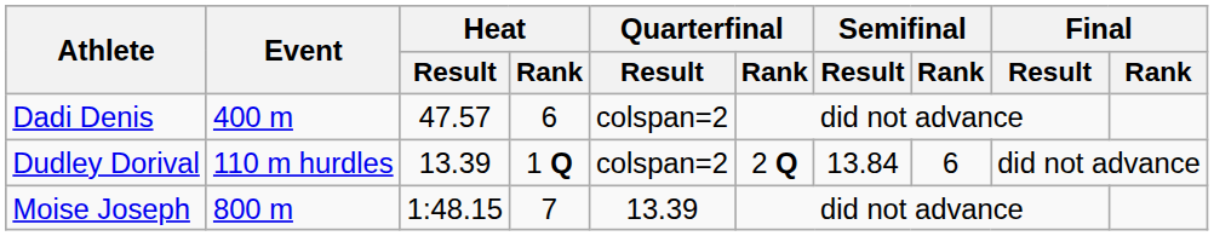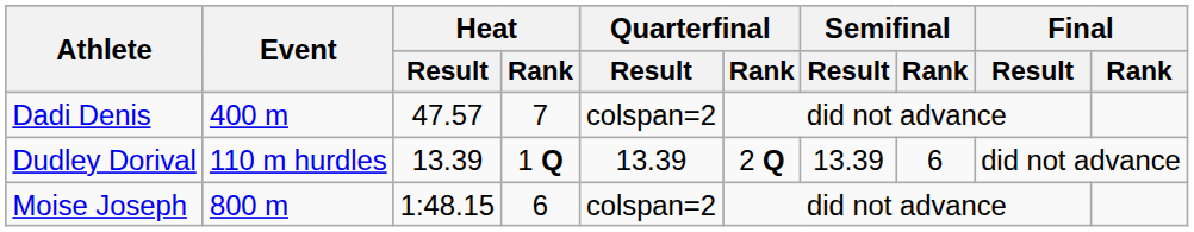 <table class="wikitable" style="font-size:90%">
 <tr>
 <th rowspan="2">Athlete</th>
 <th rowspan="2">Event</th>
 <th colspan="2">Heat</th>
 <th colspan="2">Quarterfinal</th>
 <th colspan="2">Semifinal</th>
 <th colspan="2">Final</th>
 </tr>
 <tr style="font-size:95%">
 <th>Result</th>
 <th>Rank</th>
 <th>Result</th>
 <th>Rank</th>
 <th>Result</th>
 <th>Rank</th>
 <th>Result</th>
 <th>Rank</th>
 </tr>
 <tr align=center>
 <td align=left><a href='#'>Dadi Denis</a></td>
 <td align=left><a href='#'>400 m</a></td>
 <td>47.57</td>
-<td>6</td>
+<td>7</td>
 <td>colspan=2 </td>
 <td colspan=4>did not advance</td>
 </tr>
 <tr align=center>
 <td align=left><a href='#'>Dudley Dorival</a></td>
 <td align=left><a href='#'>110 m hurdles</a></td>
 <td>13.39</td>
 <td>1 <strong>Q</strong></td>
-<td>colspan=2 </td>
+<td>13.39</td>
 <td>2 <strong>Q</strong></td>
-<td>13.84</td>
+<td>13.39</td>
 <td>6</td>
 <td colspan=2>did not advance</td>
 </tr>
 <tr align=center>
 <td align=left><a href='#'>Moise Joseph</a></td>
 <td align=left><a href='#'>800 m</a></td>
 <td>1:48.15</td>
-<td>7</td>
-<td>13.39</td>
+<td>6</td>
+<td>colspan=2 </td>
 <td colspan=4>did not advance</td>
 </tr>
 </table>
